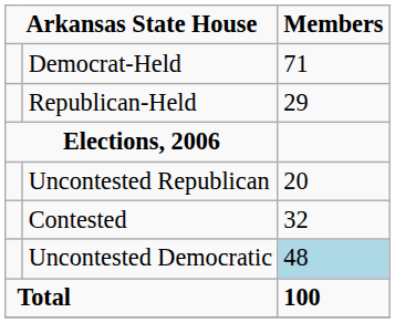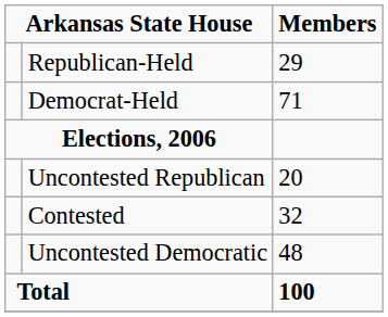 <table class="wikitable">
 <tr>
 <td colspan="2" rowspan="1" align="center" valign="top"><strong>Arkansas State House</strong></td>
 <td style="vertical-align:top;"><strong>Members</strong><br></td>
 </tr>
 <tr>
 <td style="background-color:"> </td>
-<td>Democrat-Held</td>
-<td>71</td>
+<td>Republican-Held</td>
+<td>29</td>
 </tr>
 <tr>
 <td style="background-color:"> </td>
-<td>Republican-Held</td>
-<td>29</td>
+<td>Democrat-Held</td>
+<td>71</td>
 </tr>
 <tr>
 <td colspan="2" rowspan="1" align="center"><strong>Elections, 2006</strong></td>
 </tr>
 <tr>
 <td style="background-color:"> </td>
 <td>Uncontested Republican</td>
 <td>20</td>
 </tr>
 <tr>
 <td style="background-color:"> </td>
 <td>Contested</td>
 <td>32</td>
 </tr>
 <tr>
 <td style="background-color:"> </td>
 <td>Uncontested Democratic</td>
-<td style="background: lightblue;">48</td>
+<td>48</td>
 </tr>
 <tr>
 <td colspan="2" rowspan="1"> <strong>Total</strong><br></td>
 <td><strong>100</strong></td>
 </tr>
 <tr>
 </tr>
 </table>
